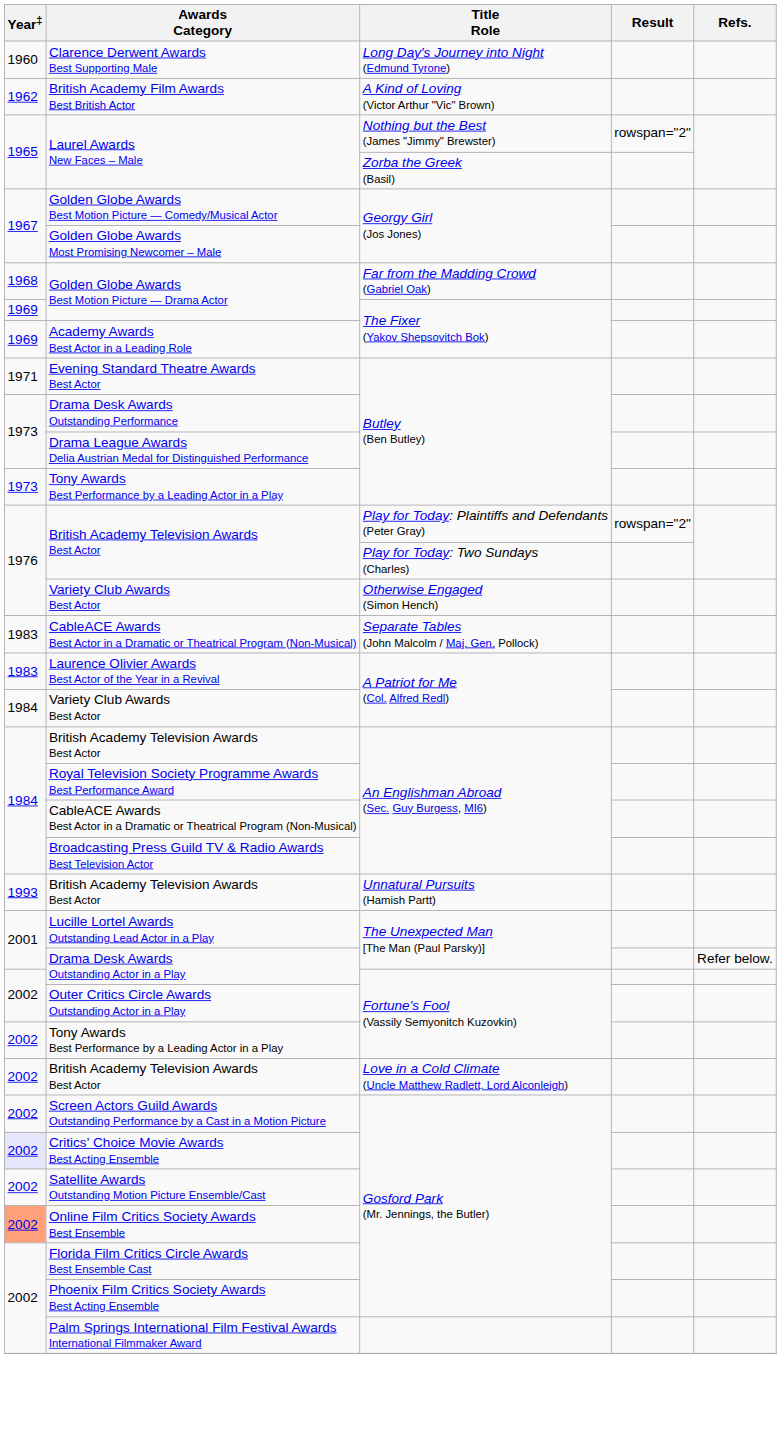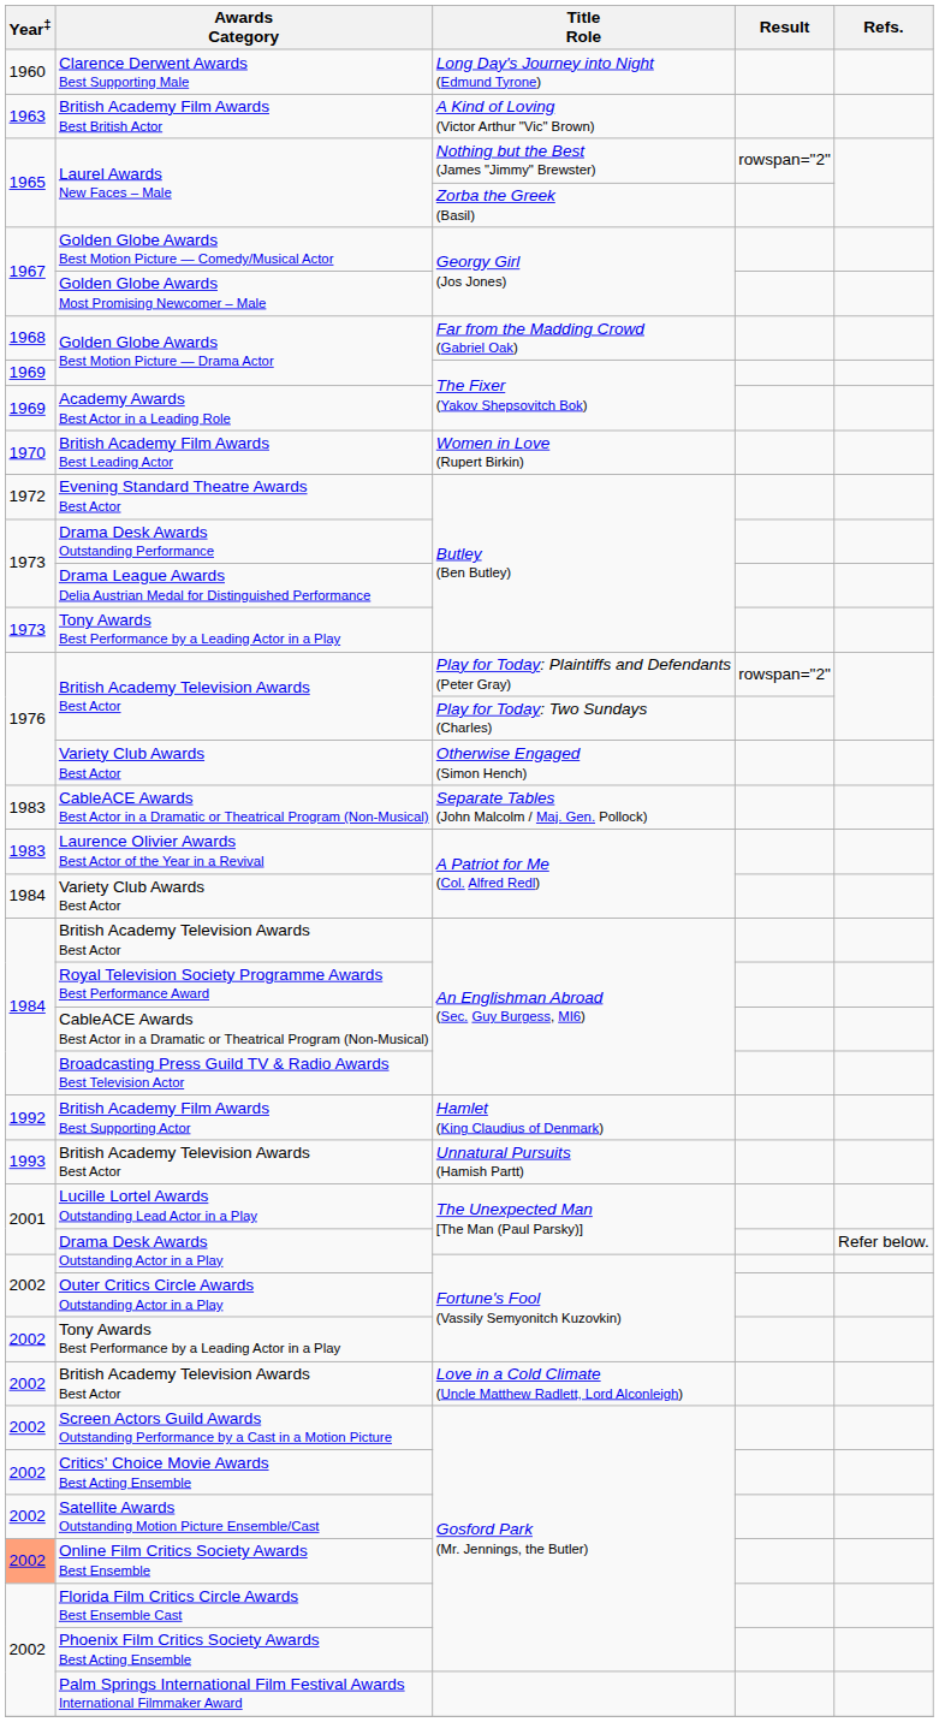 <table class="wikitable sortable">
 <tr>
 <th>Year<sup>‡</sup></th>
 <th>Awards<br>Category</th>
 <th>Title<br>Role</th>
 <th>Result</th>
 <th>Refs.</th>
 </tr>
 <tr>
 <td>1960</td>
 <td><a href='#'>Clarence Derwent Awards<br><small>Best Supporting Male</small></a></td>
 <td><em><a href='#'>Long Day's Journey into Night</a></em><br><small>(<a href='#'>Edmund Tyrone</a>)</small></td>
 <td></td>
 <td></td>
 </tr>
 <tr>
-<td><a href='#'>1962</a></td>
+<td><a href='#'>1963</a></td>
 <td><a href='#'>British Academy Film Awards<br><small>Best British Actor</small></a></td>
 <td><em><a href='#'>A Kind of Loving</a></em><br><small>(Victor Arthur "Vic" Brown)</small></td>
 <td></td>
 <td></td>
 </tr>
 <tr>
 <td rowspan="2"><a href='#'>1965</a></td>
 <td rowspan="2"><a href='#'>Laurel Awards<br><small>New Faces – Male</small></a></td>
 <td><em><a href='#'>Nothing but the Best</a></em><br><small>(James "Jimmy" Brewster)</small></td>
 <td>rowspan="2" </td>
 <td rowspan="2"></td>
 </tr>
 <tr>
 <td><em><a href='#'>Zorba the Greek</a></em><br><small>(Basil)</small></td>
 </tr>
 <tr>
 <td rowspan="2"><a href='#'>1967</a></td>
 <td><a href='#'>Golden Globe Awards<br><small>Best Motion Picture — Comedy/Musical Actor</small></a></td>
 <td rowspan="2"><em><a href='#'>Georgy Girl</a></em><br><small>(Jos Jones)</small></td>
 <td></td>
 <td></td>
 </tr>
 <tr>
 <td><a href='#'>Golden Globe Awards<br><small>Most Promising Newcomer – Male</small></a></td>
 <td></td>
 <td></td>
 </tr>
 <tr>
 <td><a href='#'>1968</a></td>
 <td rowspan="2"><a href='#'>Golden Globe Awards<br><small>Best Motion Picture — Drama Actor</small></a></td>
 <td><em><a href='#'>Far from the Madding Crowd</a></em><br><small>(<a href='#'>Gabriel Oak</a>)</small></td>
 <td></td>
 <td></td>
 </tr>
 <tr>
 <td><a href='#'>1969</a></td>
 <td rowspan="2"><em><a href='#'>The Fixer</a></em><br><small>(<a href='#'>Yakov Shepsovitch Bok</a>)</small></td>
 <td></td>
 <td></td>
 </tr>
 <tr>
 <td><a href='#'>1969</a></td>
 <td><a href='#'>Academy Awards<br><small>Best Actor in a Leading Role</small></a></td>
 <td></td>
 <td></td>
 </tr>
 <tr>
-<td>1971</td>
+<td><a href='#'>1970</a></td>
+<td><a href='#'>British Academy Film Awards<br><small>Best Leading Actor</small></a></td>
+<td><em><a href='#'>Women in Love</a></em><br><small>(Rupert Birkin)</small></td>
+<td></td>
+<td></td>
+</tr>
+<tr>
+<td>1972</td>
 <td><a href='#'>Evening Standard Theatre Awards<br><small>Best Actor</small></a></td>
 <td rowspan="4"><em><a href='#'>Butley</a></em><br><small>(Ben Butley)</small></td>
 <td></td>
 <td></td>
 </tr>
 <tr>
 <td rowspan="2">1973</td>
 <td><a href='#'>Drama Desk Awards<br><small>Outstanding Performance</small></a></td>
 <td></td>
 <td></td>
 </tr>
 <tr>
 <td><a href='#'>Drama League Awards<br><small>Delia Austrian Medal for Distinguished Performance</small></a></td>
 <td></td>
 <td></td>
 </tr>
 <tr>
 <td><a href='#'>1973</a></td>
 <td><a href='#'>Tony Awards<br><small>Best Performance by a Leading Actor in a Play</small></a></td>
 <td></td>
 <td></td>
 </tr>
 <tr>
 <td rowspan="3">1976</td>
 <td rowspan="2"><a href='#'>British Academy Television Awards<br><small>Best Actor</small></a></td>
 <td><em><a href='#'>Play for Today</a>: Plaintiffs and Defendants</em><br><small>(Peter Gray)</small></td>
 <td>rowspan="2" </td>
 <td rowspan="2"></td>
 </tr>
 <tr>
 <td><em><a href='#'>Play for Today</a>: Two Sundays</em><br><small>(Charles)</small></td>
 </tr>
 <tr>
 <td><a href='#'>Variety Club Awards<br><small>Best Actor</small></a></td>
 <td><em><a href='#'>Otherwise Engaged</a></em><br><small>(Simon Hench)</small></td>
 <td></td>
 <td></td>
 </tr>
 <tr>
 <td>1983</td>
 <td><a href='#'>CableACE Awards<br><small>Best Actor in a Dramatic or Theatrical Program (Non-Musical)</small></a></td>
 <td><em><a href='#'>Separate Tables</a></em><br><small>(John Malcolm / <a href='#'>Maj. Gen.</a> Pollock)</small></td>
 <td></td>
 <td></td>
 </tr>
 <tr>
 <td><a href='#'>1983</a></td>
 <td><a href='#'>Laurence Olivier Awards<br><small>Best Actor of the Year in a Revival</small></a></td>
 <td rowspan="2"><em><a href='#'>A Patriot for Me</a></em><br><small>(<a href='#'>Col.</a> <a href='#'>Alfred Redl</a>)</small></td>
 <td></td>
 <td></td>
 </tr>
 <tr>
 <td>1984</td>
 <td>Variety Club Awards<br><small>Best Actor</small></td>
 <td></td>
 <td></td>
 </tr>
 <tr>
 <td rowspan="4"><a href='#'>1984</a></td>
 <td>British Academy Television Awards<br><small>Best Actor</small></td>
 <td rowspan="4"><em><a href='#'>An Englishman Abroad</a></em><br><small>(<a href='#'>Sec.</a> <a href='#'>Guy Burgess</a>, <a href='#'>MI6</a>)</small></td>
 <td></td>
 <td></td>
 </tr>
 <tr>
 <td><a href='#'>Royal Television Society Programme Awards<br><small>Best Performance Award</small></a></td>
 <td></td>
 <td></td>
 </tr>
 <tr>
 <td>CableACE Awards<br><small>Best Actor in a Dramatic or Theatrical Program (Non-Musical)</small></td>
 <td></td>
 <td></td>
 </tr>
 <tr>
 <td><a href='#'>Broadcasting Press Guild TV & Radio Awards<br><small>Best Television Actor</small></a></td>
 <td></td>
 <td></td>
 </tr>
 <tr>
+<td><a href='#'>1992</a></td>
+<td><a href='#'>British Academy Film Awards<br><small>Best Supporting Actor</small></a></td>
+<td><em><a href='#'>Hamlet</a></em><br><small>(<a href='#'>King Claudius of Denmark</a>)</small></td>
+<td></td>
+<td></td>
+</tr>
+<tr>
 <td><a href='#'>1993</a></td>
 <td>British Academy Television Awards<br><small>Best Actor</small></td>
 <td><em><a href='#'>Unnatural Pursuits</a></em><br><small>(Hamish Partt)</small></td>
 <td></td>
 <td></td>
 </tr>
 <tr>
 <td rowspan="2">2001</td>
 <td><a href='#'>Lucille Lortel Awards<br><small>Outstanding Lead Actor in a Play</small></a></td>
 <td rowspan="2"><em><a href='#'>The Unexpected Man</a></em><br><small>[The Man (Paul Parsky)]</small></td>
 <td></td>
 <td></td>
 </tr>
 <tr>
 <td rowspan="2"><a href='#'>Drama Desk Awards<br><small>Outstanding Actor in a Play</small></a></td>
 <td></td>
 <td>Refer below.</td>
 </tr>
 <tr>
 <td rowspan="2">2002</td>
 <td rowspan="3"><em><a href='#'>Fortune's Fool</a></em><br><small>(Vassily Semyonitch Kuzovkin)</small></td>
 <td></td>
 <td></td>
 </tr>
 <tr>
 <td><a href='#'>Outer Critics Circle Awards<br><small>Outstanding Actor in a Play</small></a></td>
 <td></td>
 <td></td>
 </tr>
 <tr>
 <td><a href='#'>2002</a></td>
 <td>Tony Awards<br><small>Best Performance by a Leading Actor in a Play</small></td>
 <td></td>
 <td></td>
 </tr>
 <tr>
 <td><a href='#'>2002</a></td>
 <td>British Academy Television Awards<br><small>Best Actor</small></td>
 <td><em><a href='#'>Love in a Cold Climate</a></em><br><small>(<a href='#'>Uncle Matthew Radlett, Lord Alconleigh</a>)</small></td>
 <td></td>
 <td></td>
 </tr>
 <tr>
 <td><a href='#'>2002</a></td>
 <td><a href='#'>Screen Actors Guild Awards<br><small>Outstanding Performance by a Cast in a Motion Picture</small></a></td>
 <td rowspan="6"><em><a href='#'>Gosford Park</a></em><br><small>(Mr. Jennings, the Butler)</small></td>
 <td></td>
 <td></td>
 </tr>
 <tr>
-<td style="background: lavender;"><a href='#'>2002</a></td>
+<td><a href='#'>2002</a></td>
 <td><a href='#'>Critics' Choice Movie Awards<br><small>Best Acting Ensemble</small></a></td>
 <td></td>
 <td></td>
 </tr>
 <tr>
 <td><a href='#'>2002</a></td>
 <td><a href='#'>Satellite Awards<br><small>Outstanding Motion Picture Ensemble/Cast</small></a></td>
 <td></td>
 <td></td>
 </tr>
 <tr>
 <td style="background: lightsalmon;"><a href='#'>2002</a></td>
 <td><a href='#'>Online Film Critics Society Awards<br><small>Best Ensemble</small></a></td>
 <td></td>
 <td></td>
 </tr>
 <tr>
 <td rowspan="3">2002</td>
 <td><a href='#'>Florida Film Critics Circle Awards<br><small>Best Ensemble Cast</small></a></td>
 <td></td>
 <td></td>
 </tr>
 <tr>
 <td><a href='#'>Phoenix Film Critics Society Awards<br><small>Best Acting Ensemble</small></a></td>
 <td></td>
 <td></td>
 </tr>
 <tr>
 <td><a href='#'>Palm Springs International Film Festival Awards<br><small>International Filmmaker Award</small></a></td>
 <td></td>
 <td></td>
 <td></td>
 </tr>
 <tr>
 </tr>
 </table>
